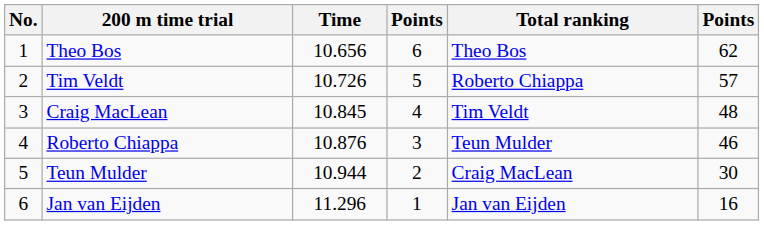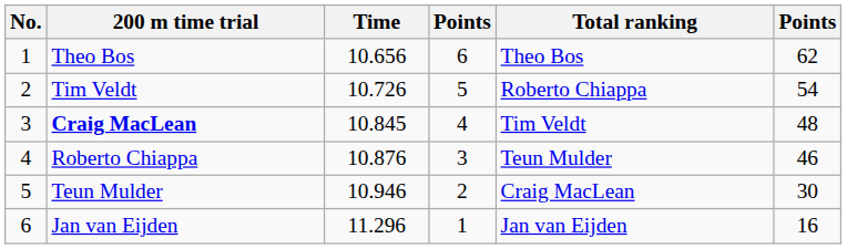 <table class="wikitable">
 <tr>
 <th width="20px">No.</th>
 <th width="200px">200 m time trial</th>
 <th width="70px">Time</th>
 <th width="40px">Points</th>
 <th width="200px">Total ranking</th>
 <th width="40px">Points</th>
 </tr>
 <tr align=center>
 <td>1</td>
 <td align=left> <a href='#'>Theo Bos</a></td>
 <td>10.656</td>
 <td>6</td>
 <td align=left> <a href='#'>Theo Bos</a></td>
 <td>62</td>
 </tr>
 <tr align=center>
 <td>2</td>
 <td align=left> <a href='#'>Tim Veldt</a></td>
 <td>10.726</td>
 <td>5</td>
 <td align=left> <a href='#'>Roberto Chiappa</a></td>
-<td>57</td>
+<td>54</td>
 </tr>
 <tr align=center>
 <td>3</td>
-<td align=left> <a href='#'>Craig MacLean</a></td>
+<td align=left><strong> <a href='#'>Craig MacLean</a></strong></td>
 <td>10.845</td>
 <td>4</td>
 <td align=left> <a href='#'>Tim Veldt</a></td>
 <td>48</td>
 </tr>
 <tr align=center>
 <td>4</td>
 <td align=left> <a href='#'>Roberto Chiappa</a></td>
 <td>10.876</td>
 <td>3</td>
 <td align=left> <a href='#'>Teun Mulder</a></td>
 <td>46</td>
 </tr>
 <tr align=center>
 <td>5</td>
 <td align=left> <a href='#'>Teun Mulder</a></td>
-<td>10.944</td>
+<td>10.946</td>
 <td>2</td>
 <td align=left> <a href='#'>Craig MacLean</a></td>
 <td>30</td>
 </tr>
 <tr align=center>
 <td>6</td>
 <td align=left> <a href='#'>Jan van Eijden</a></td>
 <td>11.296</td>
 <td>1</td>
 <td align=left> <a href='#'>Jan van Eijden</a></td>
 <td>16</td>
 </tr>
 </table>
